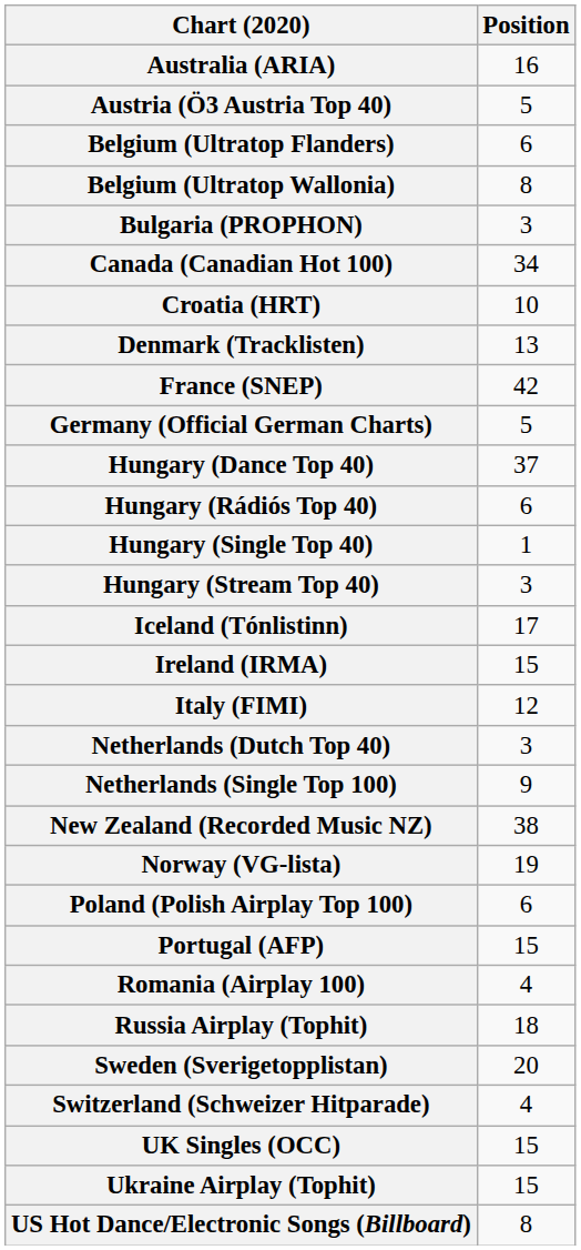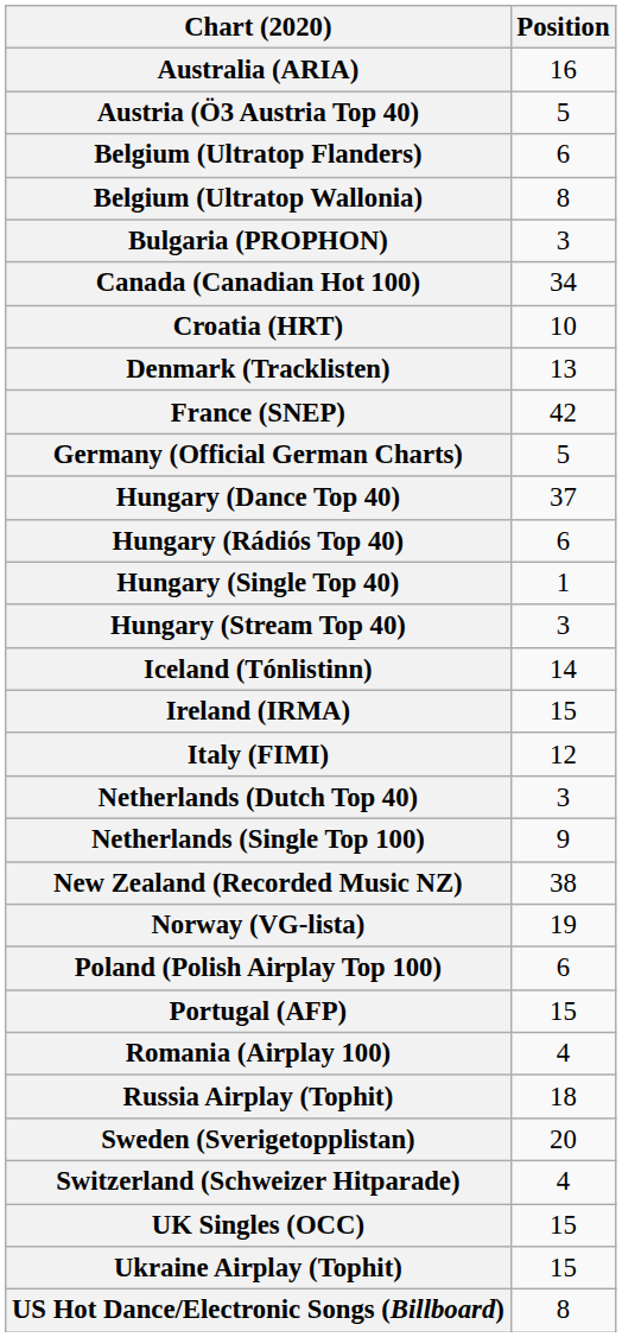 <table class="wikitable sortable plainrowheaders" style="text-align:center">
 <tr>
 <th scope="col">Chart (2020)</th>
 <th scope="col">Position</th>
 </tr>
 <tr>
 <th scope="row">Australia (ARIA)</th>
 <td>16</td>
 </tr>
 <tr>
 <th scope="row">Austria (Ö3 Austria Top 40)</th>
 <td>5</td>
 </tr>
 <tr>
 <th scope="row">Belgium (Ultratop Flanders)</th>
 <td>6</td>
 </tr>
 <tr>
 <th scope="row">Belgium (Ultratop Wallonia)</th>
 <td>8</td>
 </tr>
 <tr>
 <th scope="row">Bulgaria (PROPHON)</th>
 <td>3</td>
 </tr>
 <tr>
 <th scope="row">Canada (Canadian Hot 100)</th>
 <td>34</td>
 </tr>
 <tr>
 <th scope="row">Croatia (HRT)</th>
 <td>10</td>
 </tr>
 <tr>
 <th scope="row">Denmark (Tracklisten)</th>
 <td>13</td>
 </tr>
 <tr>
 <th scope="row">France (SNEP)</th>
 <td>42</td>
 </tr>
 <tr>
 <th scope="row">Germany (Official German Charts)</th>
 <td>5</td>
 </tr>
 <tr>
 <th scope="row">Hungary (Dance Top 40)</th>
 <td>37</td>
 </tr>
 <tr>
 <th scope="row">Hungary (Rádiós Top 40)</th>
 <td>6</td>
 </tr>
 <tr>
 <th scope="row">Hungary (Single Top 40)</th>
 <td>1</td>
 </tr>
 <tr>
 <th scope="row">Hungary (Stream Top 40)</th>
 <td>3</td>
 </tr>
 <tr>
 <th scope="row">Iceland (Tónlistinn)</th>
-<td>17</td>
+<td>14</td>
 </tr>
 <tr>
 <th scope="row">Ireland (IRMA)</th>
 <td>15</td>
 </tr>
 <tr>
 <th scope="row">Italy (FIMI)</th>
 <td>12</td>
 </tr>
 <tr>
 <th scope="row">Netherlands (Dutch Top 40)</th>
 <td>3</td>
 </tr>
 <tr>
 <th scope="row">Netherlands (Single Top 100)</th>
 <td>9</td>
 </tr>
 <tr>
 <th scope="row">New Zealand (Recorded Music NZ)</th>
 <td>38</td>
 </tr>
 <tr>
 <th scope="row">Norway (VG-lista)</th>
 <td>19</td>
 </tr>
 <tr>
 <th scope="row">Poland (Polish Airplay Top 100)</th>
 <td>6</td>
 </tr>
 <tr>
 <th scope="row">Portugal (AFP)</th>
 <td>15</td>
 </tr>
 <tr>
 <th scope="row">Romania (Airplay 100)</th>
 <td>4</td>
 </tr>
 <tr>
 <th scope="row">Russia Airplay (Tophit)</th>
 <td>18</td>
 </tr>
 <tr>
 <th scope="row">Sweden (Sverigetopplistan)</th>
 <td>20</td>
 </tr>
 <tr>
 <th scope="row">Switzerland (Schweizer Hitparade)</th>
 <td>4</td>
 </tr>
 <tr>
 <th scope="row">UK Singles (OCC)</th>
 <td>15</td>
 </tr>
 <tr>
 <th scope="row">Ukraine Airplay (Tophit)</th>
 <td>15</td>
 </tr>
 <tr>
 <th scope="row">US Hot Dance/Electronic Songs (<em>Billboard</em>)</th>
 <td>8</td>
 </tr>
 </table>
